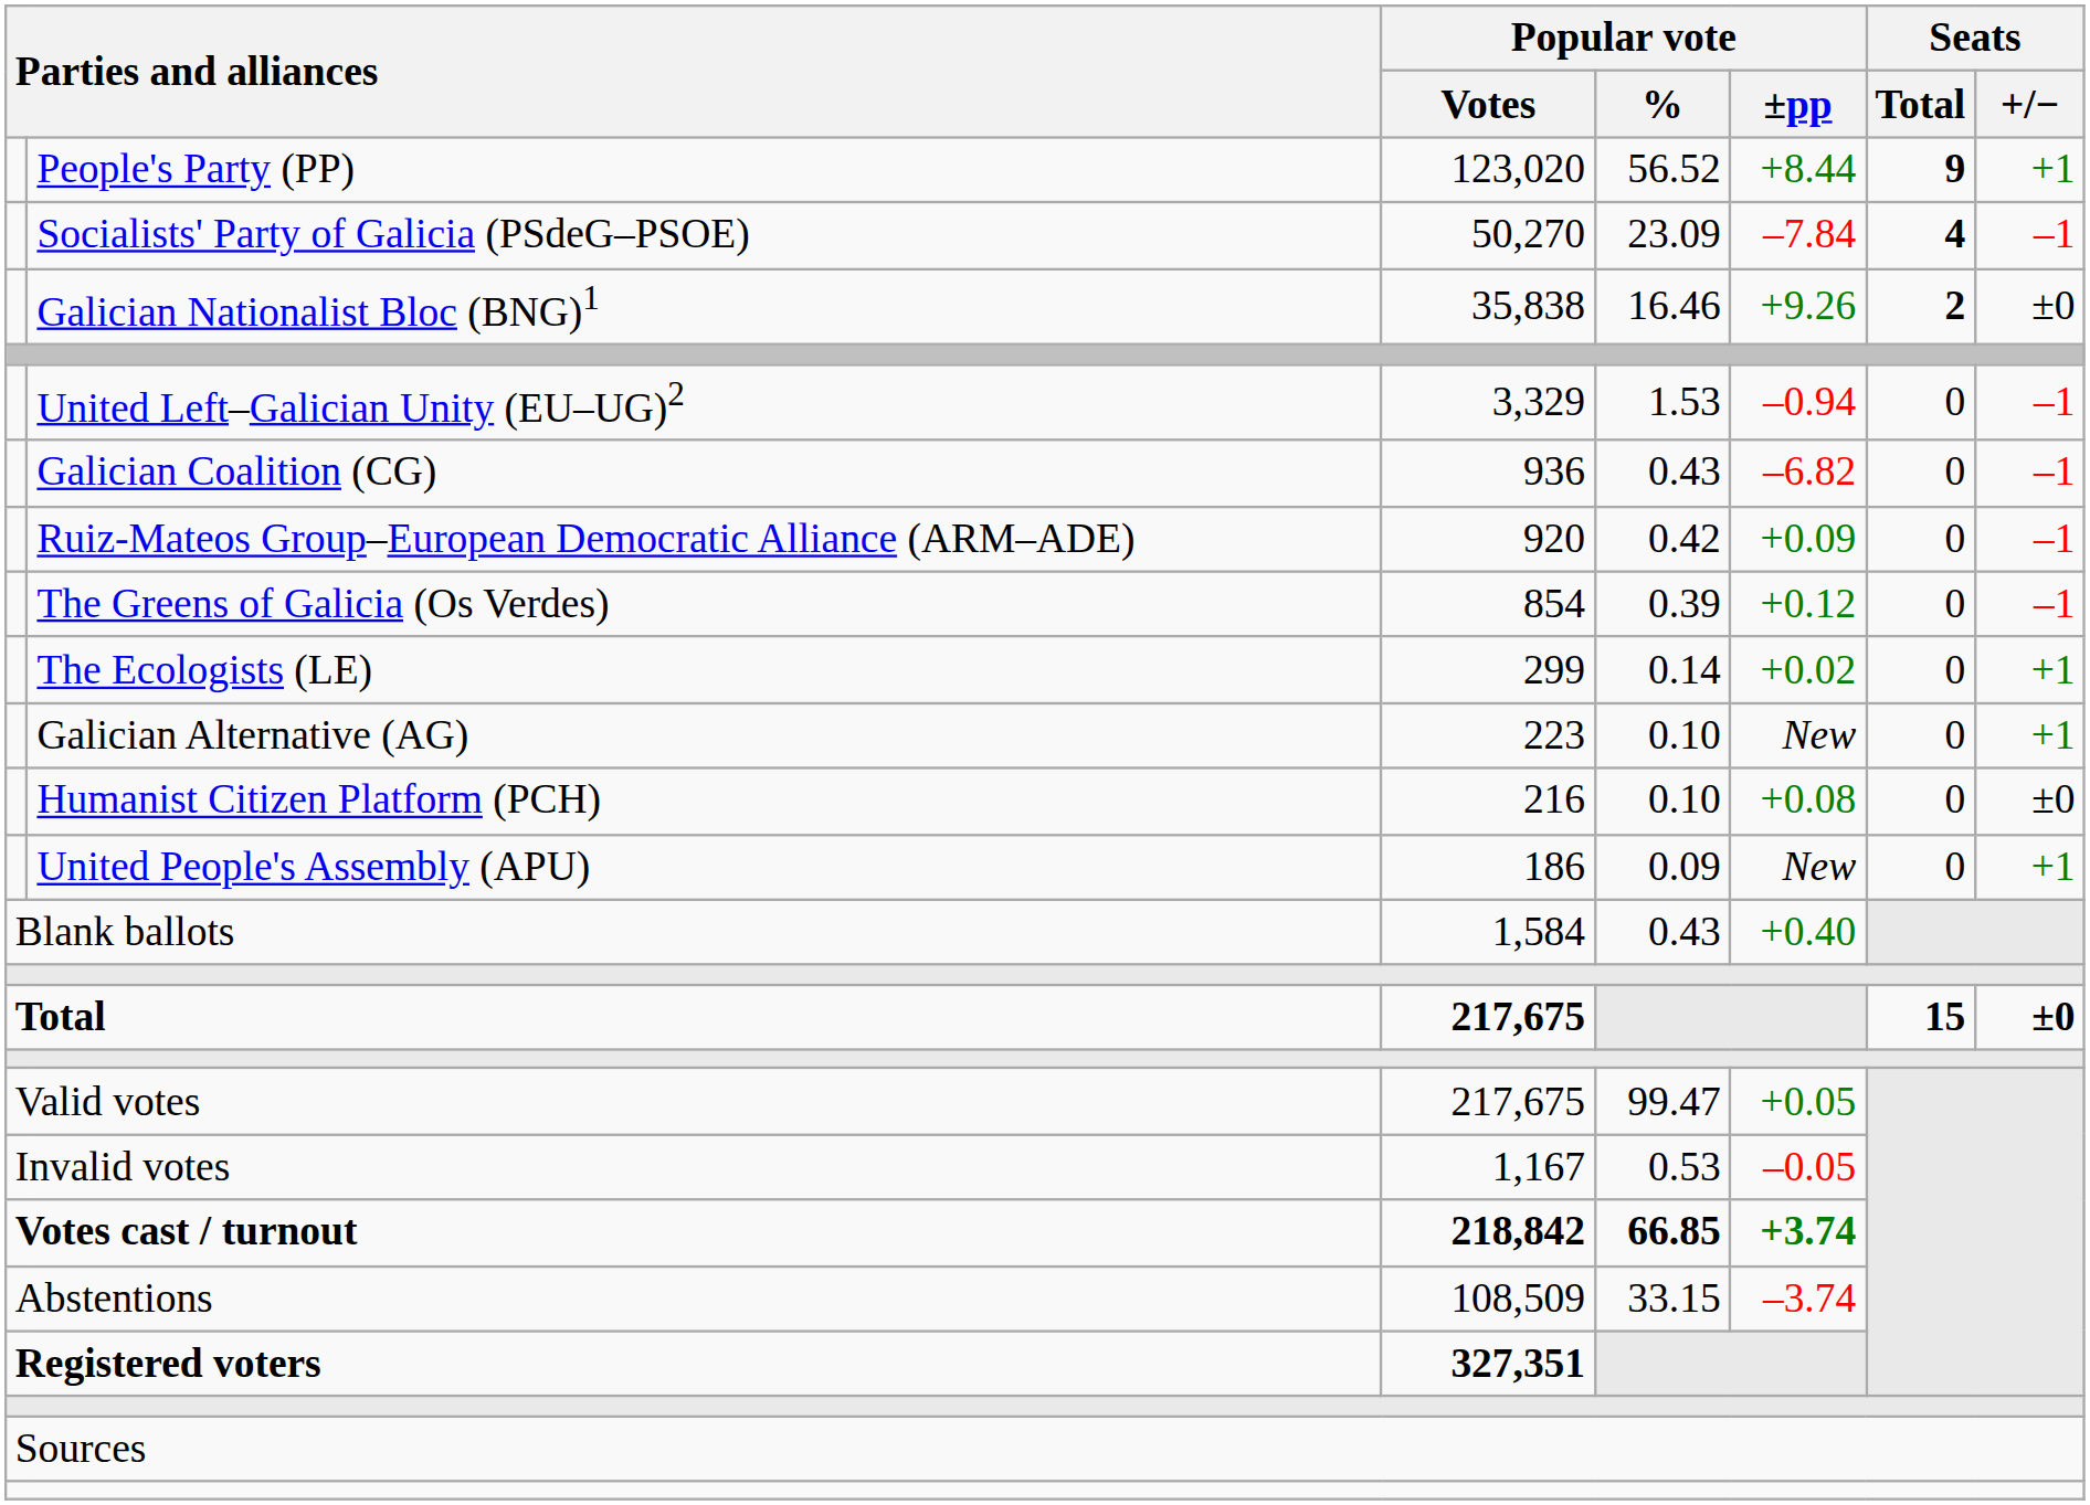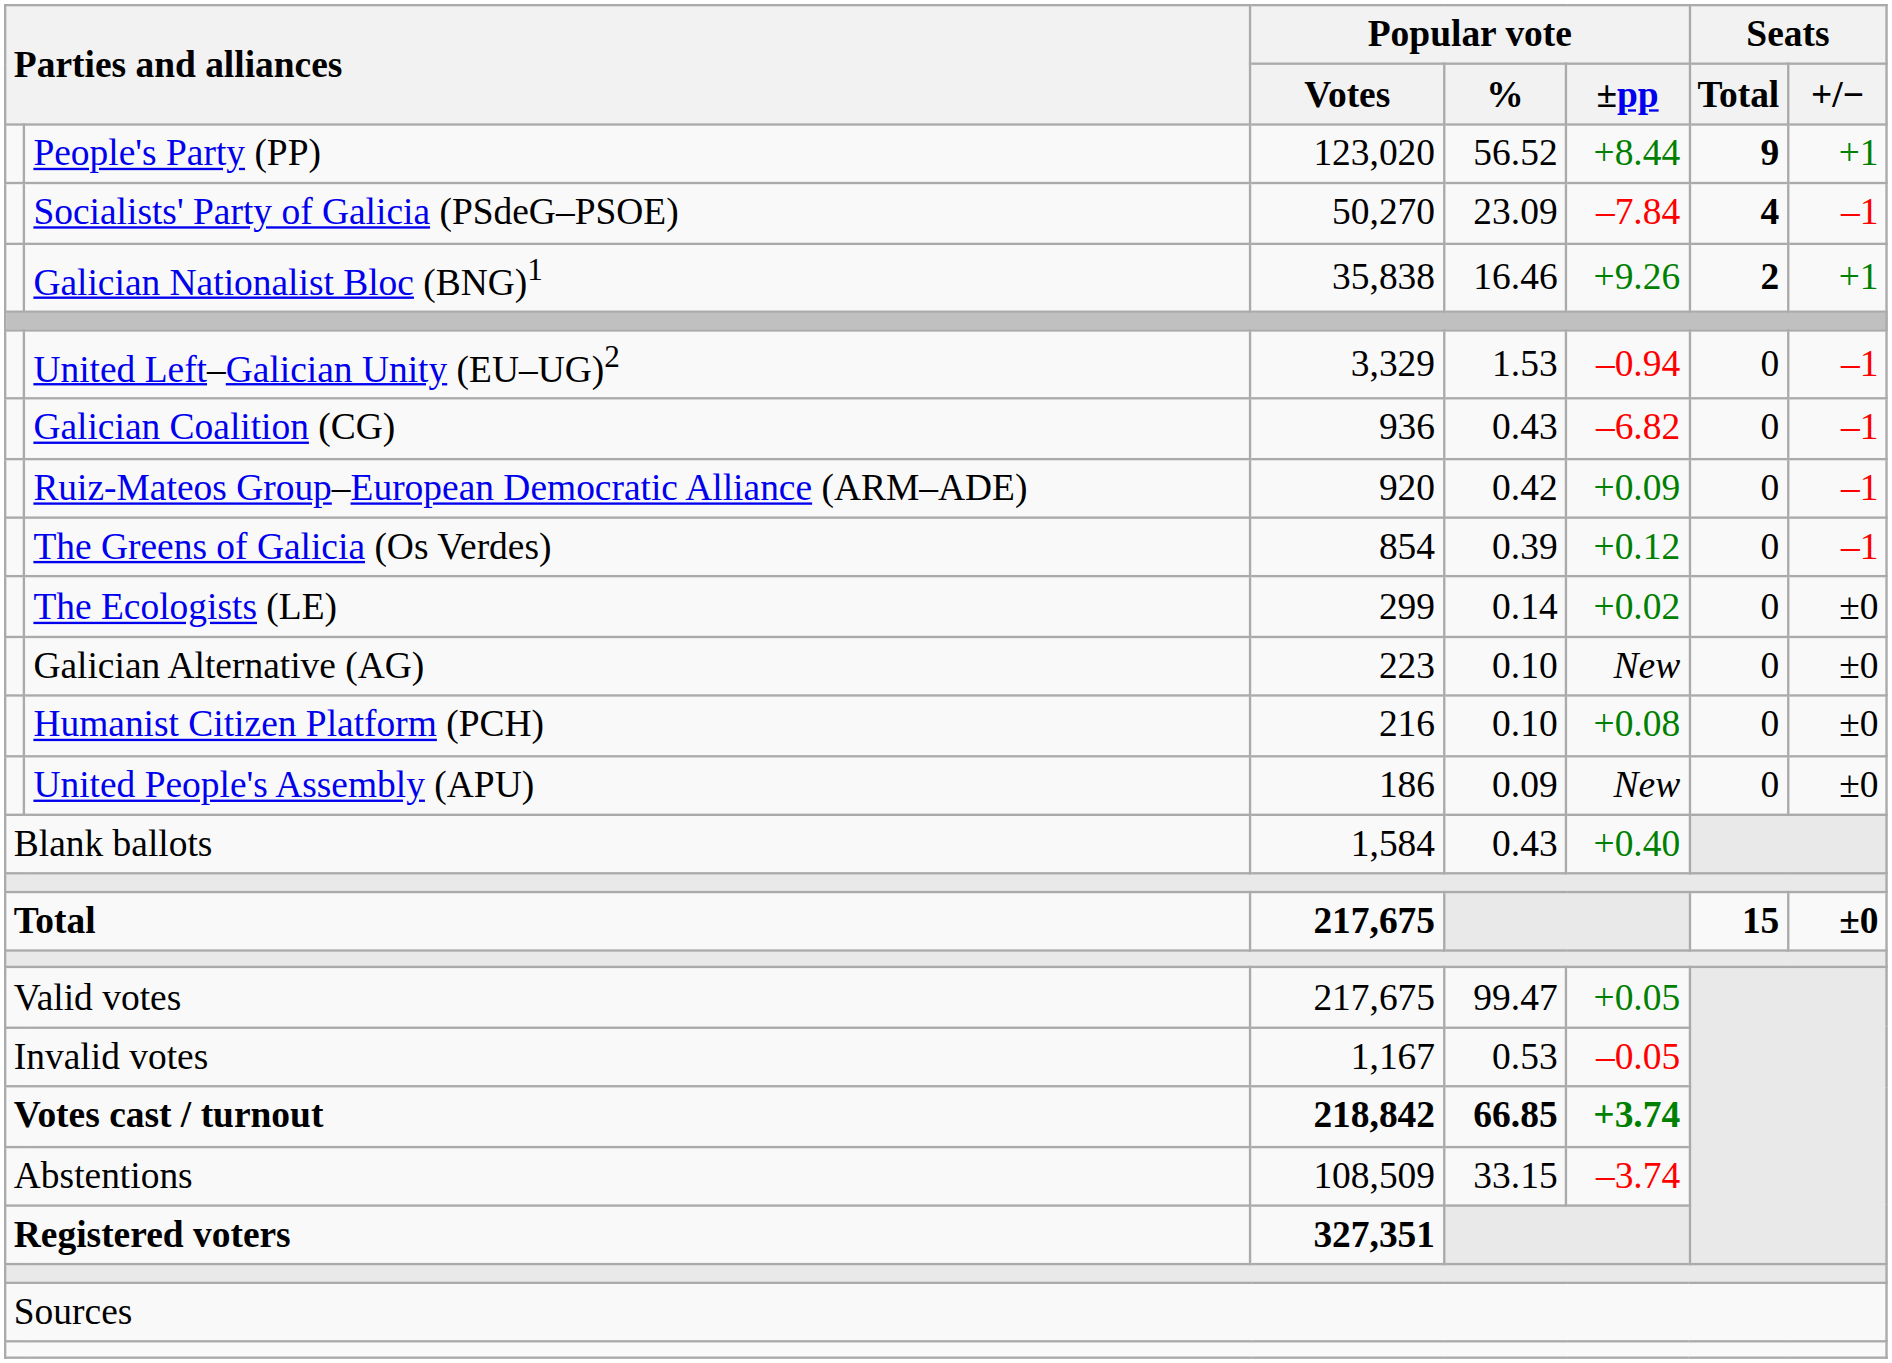 <table class="wikitable" style="text-align:right;">
 <tr>
 <th style="text-align:left;" rowspan="2" colspan="2" width="525">Parties and alliances</th>
 <th colspan="3">Popular vote</th>
 <th colspan="2">Seats</th>
 </tr>
 <tr>
 <th width="75">Votes</th>
 <th width="45">%</th>
 <th width="45">±<a href='#'>pp</a></th>
 <th width="35">Total</th>
 <th width="35">+/−</th>
 </tr>
 <tr>
 <td width="1" style="color:inherit;background:"></td>
 <td align="left"><a href='#'>People's Party</a> (PP)</td>
 <td>123,020</td>
 <td>56.52</td>
 <td style="color:green;">+8.44</td>
 <td><strong>9</strong></td>
 <td style="color:green;">+1</td>
 </tr>
 <tr>
 <td style="color:inherit;background:"></td>
 <td align="left"><a href='#'>Socialists' Party of Galicia</a> (PSdeG–PSOE)</td>
 <td>50,270</td>
 <td>23.09</td>
 <td style="color:red;">–7.84</td>
 <td><strong>4</strong></td>
 <td style="color:red;">–1</td>
 </tr>
 <tr>
 <td style="color:inherit;background:"></td>
 <td align="left"><a href='#'>Galician Nationalist Bloc</a> (BNG)<sup>1</sup></td>
 <td>35,838</td>
 <td>16.46</td>
 <td style="color:green;">+9.26</td>
 <td><strong>2</strong></td>
-<td>±0</td>
+<td style="color:green;">+1</td>
 </tr>
 <tr>
 <td colspan="7" bgcolor="#C0C0C0"></td>
 </tr>
 <tr>
 <td style="color:inherit;background:"></td>
 <td align="left"><a href='#'>United Left</a>–<a href='#'>Galician Unity</a> (EU–UG)<sup>2</sup></td>
 <td>3,329</td>
 <td>1.53</td>
 <td style="color:red;">–0.94</td>
 <td>0</td>
 <td style="color:red;">–1</td>
 </tr>
 <tr>
 <td style="color:inherit;background:"></td>
 <td align="left"><a href='#'>Galician Coalition</a> (CG)</td>
 <td>936</td>
 <td>0.43</td>
 <td style="color:red;">–6.82</td>
 <td>0</td>
 <td style="color:red;">–1</td>
 </tr>
 <tr>
 <td style="color:inherit;background:"></td>
 <td align="left"><a href='#'>Ruiz-Mateos Group</a>–<a href='#'>European Democratic Alliance</a> (ARM–ADE)</td>
 <td>920</td>
 <td>0.42</td>
 <td style="color:green;">+0.09</td>
 <td>0</td>
 <td style="color:red;">–1</td>
 </tr>
 <tr>
 <td style="color:inherit;background:"></td>
 <td align="left"><a href='#'>The Greens of Galicia</a> (Os Verdes)</td>
 <td>854</td>
 <td>0.39</td>
 <td style="color:green;">+0.12</td>
 <td>0</td>
 <td style="color:red;">–1</td>
 </tr>
 <tr>
 <td style="color:inherit;background:"></td>
 <td align="left"><a href='#'>The Ecologists</a> (LE)</td>
 <td>299</td>
 <td>0.14</td>
 <td style="color:green;">+0.02</td>
 <td>0</td>
-<td style="color:green;">+1</td>
+<td>±0</td>
 </tr>
 <tr>
 <td style="color:inherit;background:"></td>
 <td align="left">Galician Alternative (AG)</td>
 <td>223</td>
 <td>0.10</td>
 <td><em>New</em></td>
 <td>0</td>
-<td style="color:green;">+1</td>
+<td>±0</td>
 </tr>
 <tr>
 <td style="color:inherit;background:"></td>
 <td align="left"><a href='#'>Humanist Citizen Platform</a> (PCH)</td>
 <td>216</td>
 <td>0.10</td>
 <td style="color:green;">+0.08</td>
 <td>0</td>
 <td>±0</td>
 </tr>
 <tr>
 <td style="color:inherit;background:"></td>
 <td align="left"><a href='#'>United People's Assembly</a> (APU)</td>
 <td>186</td>
 <td>0.09</td>
 <td><em>New</em></td>
 <td>0</td>
-<td style="color:green;">+1</td>
+<td>±0</td>
 </tr>
 <tr>
 <td align="left" colspan="2">Blank ballots</td>
 <td>1,584</td>
 <td>0.43</td>
 <td style="color:green;">+0.40</td>
 <td bgcolor="#E9E9E9" colspan="2"></td>
 </tr>
 <tr>
 <td colspan="7" bgcolor="#E9E9E9"></td>
 </tr>
 <tr style="font-weight:bold;">
 <td align="left" colspan="2">Total</td>
 <td>217,675</td>
 <td bgcolor="#E9E9E9" colspan="2"></td>
 <td>15</td>
 <td>±0</td>
 </tr>
 <tr>
 <td colspan="7" bgcolor="#E9E9E9"></td>
 </tr>
 <tr>
 <td align="left" colspan="2">Valid votes</td>
 <td>217,675</td>
 <td>99.47</td>
 <td style="color:green;">+0.05</td>
 <td bgcolor="#E9E9E9" colspan="7" rowspan="5"></td>
 </tr>
 <tr>
 <td align="left" colspan="2">Invalid votes</td>
 <td>1,167</td>
 <td>0.53</td>
 <td style="color:red;">–0.05</td>
 </tr>
 <tr style="font-weight:bold;">
 <td align="left" colspan="2">Votes cast / turnout</td>
 <td>218,842</td>
 <td>66.85</td>
 <td style="color:green;">+3.74</td>
 </tr>
 <tr>
 <td align="left" colspan="2">Abstentions</td>
 <td>108,509</td>
 <td>33.15</td>
 <td style="color:red;">–3.74</td>
 </tr>
 <tr style="font-weight:bold;">
 <td align="left" colspan="2">Registered voters</td>
 <td>327,351</td>
 <td bgcolor="#E9E9E9" colspan="2"></td>
 </tr>
 <tr>
 <td colspan="7" bgcolor="#E9E9E9"></td>
 </tr>
 <tr>
 <td align="left" colspan="7">Sources</td>
 </tr>
 <tr>
 <td colspan="7" style="text-align:left; max-width:790px;"></td>
 </tr>
 </table>
